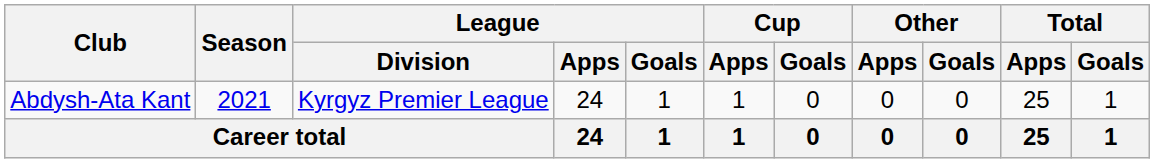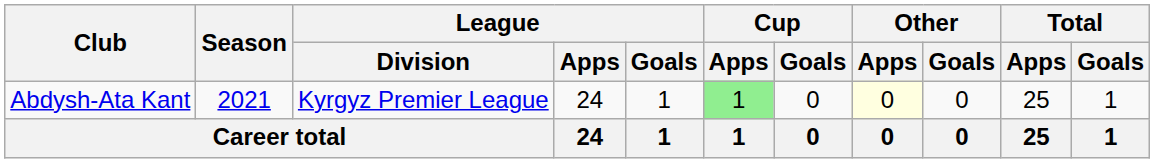 <table class="wikitable" style="text-align: center">
 <tr>
 <th rowspan="2">Club</th>
 <th rowspan="2">Season</th>
 <th colspan="3">League</th>
 <th colspan="2">Cup</th>
 <th colspan="2">Other</th>
 <th colspan="2">Total</th>
 </tr>
 <tr>
 <th>Division</th>
 <th>Apps</th>
 <th>Goals</th>
 <th>Apps</th>
 <th>Goals</th>
 <th>Apps</th>
 <th>Goals</th>
 <th>Apps</th>
 <th>Goals</th>
 </tr>
 <tr>
 <td><a href='#'>Abdysh-Ata Kant</a></td>
 <td><a href='#'>2021</a></td>
 <td><a href='#'>Kyrgyz Premier League</a></td>
 <td>24</td>
 <td>1</td>
-<td>1</td>
+<td style="background: lightgreen;">1</td>
 <td>0</td>
-<td>0</td>
+<td style="background: lightyellow;">0</td>
 <td>0</td>
 <td>25</td>
 <td>1</td>
 </tr>
 <tr>
 <th colspan=3>Career total</th>
 <th>24</th>
 <th>1</th>
 <th>1</th>
 <th>0</th>
 <th>0</th>
 <th>0</th>
 <th>25</th>
 <th>1</th>
 </tr>
 </table>
